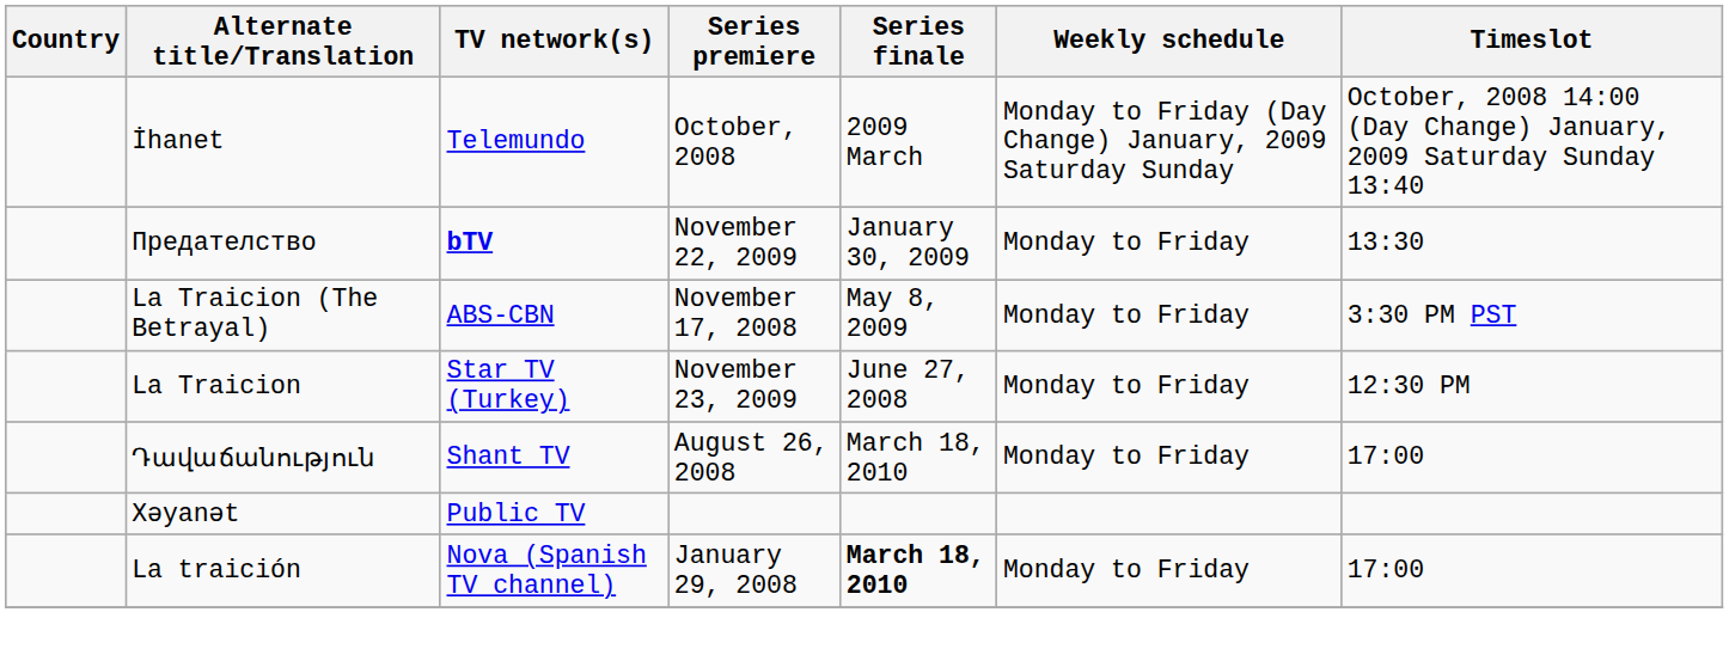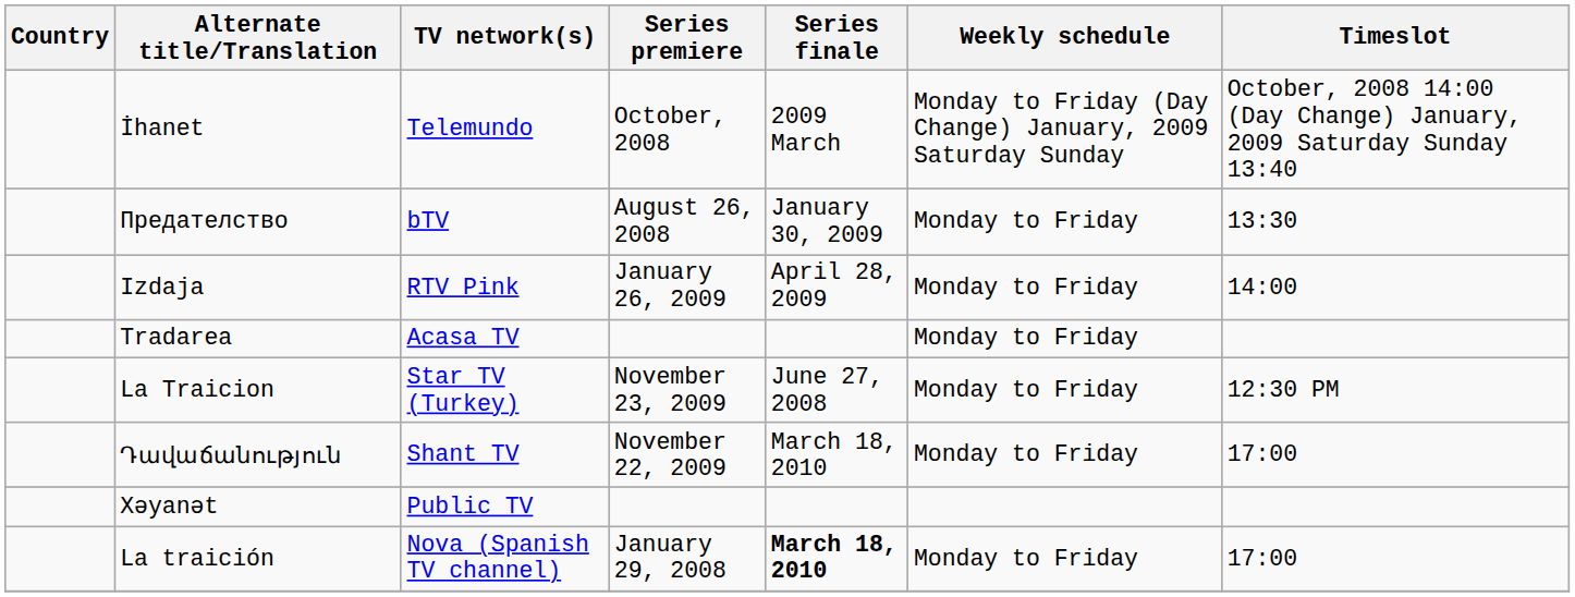 <table class="wikitable">
 <tr>
 <th>Country</th>
 <th>Alternate title/Translation</th>
 <th>TV network(s)</th>
 <th>Series premiere</th>
 <th>Series finale</th>
 <th>Weekly schedule</th>
 <th>Timeslot</th>
 </tr>
 <tr>
 <td></td>
 <td>İhanet</td>
 <td><a href='#'>Telemundo</a></td>
 <td>October, 2008</td>
 <td>2009 March</td>
 <td>Monday to Friday  (Day Change) January, 2009 Saturday Sunday</td>
 <td>October, 2008 14:00 (Day Change) January, 2009 Saturday Sunday 13:40</td>
 </tr>
 <tr>
 <td></td>
 <td>Предателство</td>
-<td><strong><a href='#'>bTV</a></strong></td>
-<td>November 22, 2009</td>
+<td><a href='#'>bTV</a></td>
+<td>August 26, 2008</td>
 <td>January 30, 2009</td>
 <td>Monday to Friday</td>
 <td>13:30</td>
 </tr>
 <tr>
 <td></td>
-<td>La Traicion (The Betrayal)</td>
-<td><a href='#'>ABS-CBN</a></td>
-<td>November 17, 2008</td>
-<td>May 8, 2009</td>
+<td>Izdaja</td>
+<td><a href='#'>RTV Pink</a></td>
+<td>January 26, 2009</td>
+<td>April 28, 2009</td>
 <td>Monday to Friday</td>
-<td>3:30 PM <a href='#'>PST</a></td>
+<td>14:00</td>
+</tr>
+<tr>
+<td></td>
+<td>Tradarea</td>
+<td><a href='#'>Acasa TV</a></td>
+<td></td>
+<td></td>
+<td>Monday to Friday</td>
+<td></td>
 </tr>
 <tr>
 <td></td>
 <td>La Traicion</td>
 <td><a href='#'>Star TV (Turkey)</a></td>
 <td>November 23, 2009</td>
 <td>June 27, 2008</td>
 <td>Monday to Friday</td>
 <td>12:30 PM</td>
 </tr>
 <tr>
 <td></td>
 <td>Դավաճանություն</td>
 <td><a href='#'>Shant TV</a></td>
-<td>August 26, 2008</td>
+<td>November 22, 2009</td>
 <td>March 18, 2010</td>
 <td>Monday to Friday</td>
 <td>17:00</td>
 </tr>
 <tr>
 <td></td>
 <td>Xəyanət</td>
 <td><a href='#'>Public TV</a></td>
 <td></td>
 <td></td>
 <td></td>
 <td></td>
 </tr>
 <tr>
 <td></td>
 <td>La traición</td>
 <td><a href='#'>Nova (Spanish TV channel)</a></td>
 <td>January 29, 2008</td>
 <td><strong>March 18, 2010</strong></td>
 <td>Monday to Friday</td>
 <td>17:00</td>
 </tr>
 <tr>
 </tr>
 </table>
